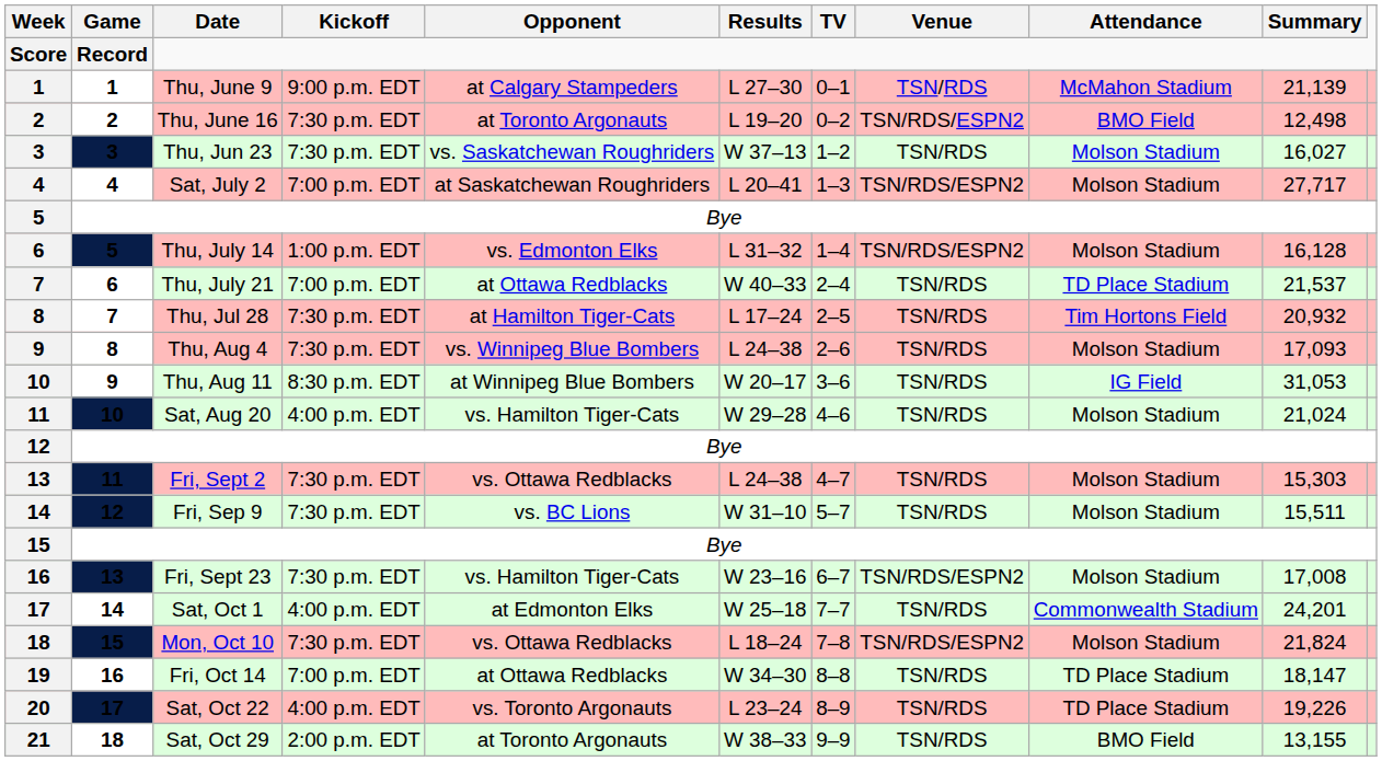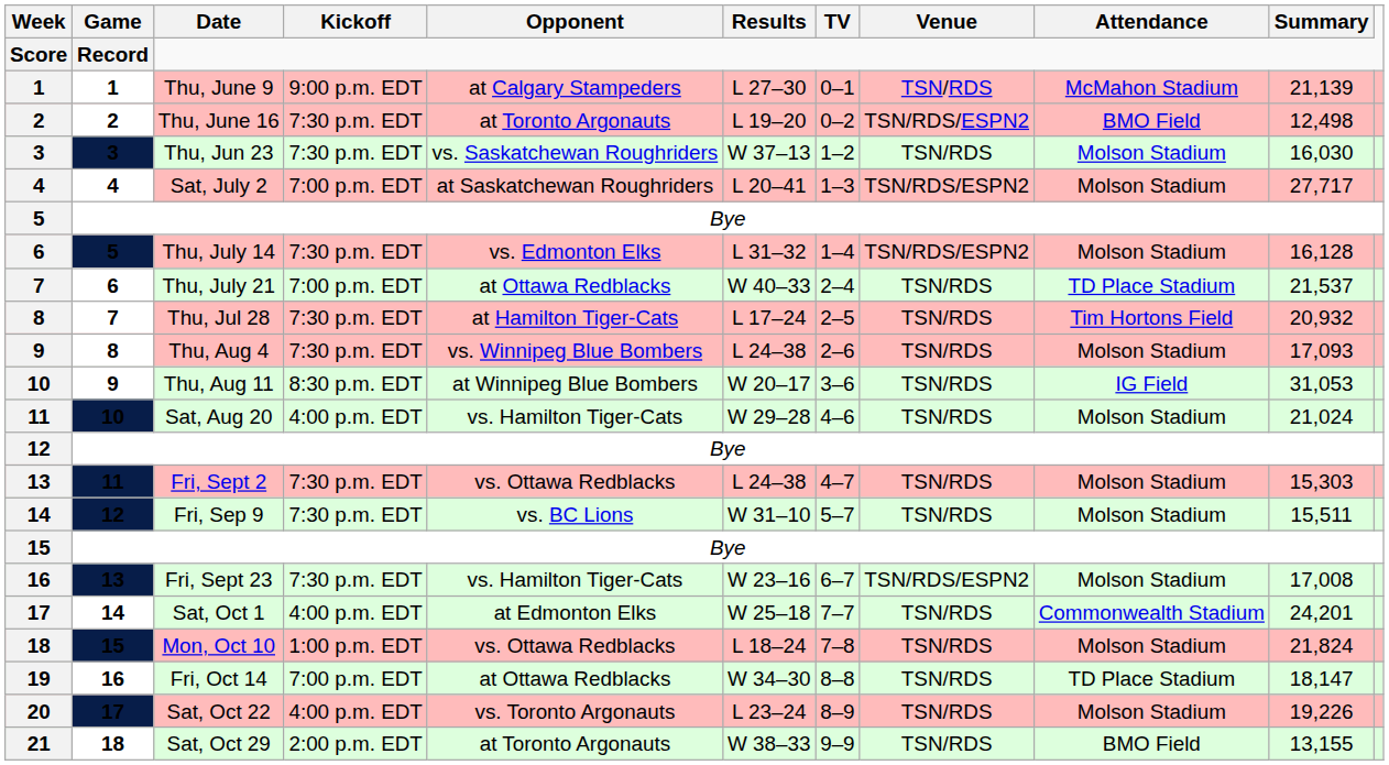 <table class="wikitable" style="font-size: 95%;">
 <tr>
 <th scope="col">Week</th>
 <th scope="col">Game</th>
 <th scope="col">Date</th>
 <th scope="col">Kickoff</th>
 <th scope="col">Opponent</th>
 <th scope="col">Results</th>
 <th scope="col">TV</th>
 <th scope="col">Venue</th>
 <th scope="col">Attendance</th>
 <th scope="col">Summary</th>
 </tr>
 <tr>
 <th scope="col">Score</th>
 <th scope="col">Record</th>
 </tr>
 <tr align="center"= bgcolor="ffbbbb">
 <th align="center"><strong>1</strong></th>
 <th style="text-align:center; background:white;"><span><strong>1</strong></span></th>
 <td align="center">Thu, June 9</td>
 <td align="center">9:00 p.m. EDT</td>
 <td align="center">at <a href='#'>Calgary Stampeders</a></td>
 <td align="center">L 27–30</td>
 <td align="center">0–1</td>
 <td align="center"><a href='#'>TSN</a>/<a href='#'>RDS</a></td>
 <td align="center"><a href='#'>McMahon Stadium</a></td>
 <td align="center">21,139</td>
 <td align="center"></td>
 </tr>
 <tr align="center"= bgcolor="ffbbbb">
 <th align="center"><strong>2</strong></th>
 <th style="text-align:center; background:white;"><span><strong>2</strong></span></th>
 <td align="center">Thu, June 16</td>
 <td align="center">7:30 p.m. EDT</td>
 <td align="center">at <a href='#'>Toronto Argonauts</a></td>
 <td align="center">L 19–20</td>
 <td align="center">0–2</td>
 <td align="center">TSN/RDS/<a href='#'>ESPN2</a></td>
 <td align="center"><a href='#'>BMO Field</a></td>
 <td align="center">12,498</td>
 <td align="center"></td>
 </tr>
 <tr align="center"= bgcolor="ddffdd">
 <th align="center"><strong>3</strong></th>
 <th style="text-align:center; background:#071D49;"><span><strong>3</strong></span></th>
 <td align="center">Thu, Jun 23</td>
 <td align="center">7:30 p.m. EDT</td>
 <td align="center">vs. <a href='#'>Saskatchewan Roughriders</a></td>
 <td align="center">W 37–13</td>
 <td align="center">1–2</td>
 <td align="center">TSN/RDS</td>
 <td align="center"><a href='#'>Molson Stadium</a></td>
-<td align="center">16,027</td>
+<td align="center">16,030</td>
 <td align="center"></td>
 </tr>
 <tr align="center"= bgcolor="ffbbbb">
 <th align="center"><strong>4</strong></th>
 <th style="text-align:center; background:white;"><span><strong>4</strong></span></th>
 <td align="center">Sat, July 2</td>
 <td align="center">7:00 p.m. EDT</td>
 <td align="center">at Saskatchewan Roughriders</td>
 <td align="center">L 20–41</td>
 <td align="center">1–3</td>
 <td align="center">TSN/RDS/ESPN2</td>
 <td align="center">Molson Stadium</td>
 <td align="center">27,717</td>
 <td align="center"></td>
 </tr>
 <tr align="center"= bgcolor="ffffff">
 <th align="center"><strong>5</strong></th>
 <td colspan=10 align="center" valign="middle"><em>Bye</em></td>
 </tr>
 <tr align="center"= bgcolor="ffbbbb">
 <th align="center"><strong>6</strong></th>
 <th style="text-align:center; background:#071D49;"><span><strong>5</strong></span></th>
 <td align="center">Thu, July 14</td>
-<td align="center">1:00 p.m. EDT</td>
+<td align="center">7:30 p.m. EDT</td>
 <td align="center">vs. <a href='#'>Edmonton Elks</a></td>
 <td align="center">L 31–32</td>
 <td align="center">1–4</td>
 <td align="center">TSN/RDS/ESPN2</td>
 <td align="center">Molson Stadium</td>
 <td align="center">16,128</td>
 <td align="center"></td>
 </tr>
 <tr align="center"= bgcolor="ddffdd">
 <th align="center"><strong>7</strong></th>
 <th style="text-align:center; background:white;"><span><strong>6</strong></span></th>
 <td align="center">Thu, July 21</td>
 <td align="center">7:00 p.m. EDT</td>
 <td align="center">at <a href='#'>Ottawa Redblacks</a></td>
 <td align="center">W 40–33</td>
 <td align="center">2–4</td>
 <td align="center">TSN/RDS</td>
 <td align="center"><a href='#'>TD Place Stadium</a></td>
 <td align="center">21,537</td>
 <td align="center"></td>
 </tr>
 <tr align="center"= bgcolor="ffbbbb">
 <th align="center"><strong>8</strong></th>
 <th style="text-align:center; background:white;"><span><strong>7</strong></span></th>
 <td align="center">Thu, Jul 28</td>
 <td align="center">7:30 p.m. EDT</td>
 <td align="center">at <a href='#'>Hamilton Tiger-Cats</a></td>
 <td align="center">L 17–24</td>
 <td align="center">2–5</td>
 <td align="center">TSN/RDS</td>
 <td align="center"><a href='#'>Tim Hortons Field</a></td>
 <td align="center">20,932</td>
 <td align="center"></td>
 </tr>
 <tr align="center"= bgcolor="ffbbbb">
 <th align="center"><strong>9</strong></th>
 <th style="text-align:center; background:white;"><span><strong>8</strong></span></th>
 <td align="center">Thu, Aug 4</td>
 <td align="center">7:30 p.m. EDT</td>
 <td align="center">vs. <a href='#'>Winnipeg Blue Bombers</a></td>
 <td align="center">L 24–38</td>
 <td align="center">2–6</td>
 <td align="center">TSN/RDS</td>
 <td align="center">Molson Stadium</td>
 <td align="center">17,093</td>
 <td align="center"></td>
 </tr>
 <tr align="center"= bgcolor="ddffdd">
 <th align="center"><strong>10</strong></th>
 <th style="text-align:center; background:white;"><span><strong>9</strong></span></th>
 <td align="center">Thu, Aug 11</td>
 <td align="center">8:30 p.m. EDT</td>
 <td align="center">at Winnipeg Blue Bombers</td>
 <td align="center">W 20–17 </td>
 <td align="center">3–6</td>
 <td align="center">TSN/RDS</td>
 <td align="center"><a href='#'>IG Field</a></td>
 <td align="center">31,053</td>
 <td align="center"></td>
 </tr>
 <tr align="center"= bgcolor="ddffdd">
 <th align="center"><strong>11</strong></th>
 <th style="text-align:center; background:#071D49;"><span><strong>10</strong></span></th>
 <td align="center">Sat, Aug 20</td>
 <td align="center">4:00 p.m. EDT</td>
 <td align="center">vs. Hamilton Tiger-Cats</td>
 <td align="center">W 29–28</td>
 <td align="center">4–6</td>
 <td align="center">TSN/RDS</td>
 <td align="center">Molson Stadium</td>
 <td align="center">21,024</td>
 <td align="center"></td>
 </tr>
 <tr align="center"= bgcolor="ffffff">
 <th align="center"><strong>12</strong></th>
 <td colspan=10 align="center" valign="middle"><em>Bye</em></td>
 </tr>
 <tr align="center"= bgcolor="ffbbbb">
 <th align="center"><strong>13</strong></th>
 <th style="text-align:center; background:#071D49;"><span><strong>11</strong></span></th>
 <td align="center"><a href='#'>Fri, Sept 2</a></td>
 <td align="center">7:30 p.m. EDT</td>
 <td align="center">vs. Ottawa Redblacks</td>
 <td align="center">L 24–38</td>
 <td align="center">4–7</td>
 <td align="center">TSN/RDS</td>
 <td align="center">Molson Stadium</td>
 <td align="center">15,303</td>
 <td align="center"></td>
 </tr>
 <tr align="center"= bgcolor="ddffdd">
 <th align="center"><strong>14</strong></th>
 <th style="text-align:center; background:#071D49;"><span><strong>12</strong></span></th>
 <td align="center">Fri, Sep 9</td>
 <td align="center">7:30 p.m. EDT</td>
 <td align="center">vs. <a href='#'>BC Lions</a></td>
 <td align="center">W 31–10</td>
 <td align="center">5–7</td>
 <td align="center">TSN/RDS</td>
 <td align="center">Molson Stadium</td>
 <td align="center">15,511</td>
 <td align="center"></td>
 </tr>
 <tr align="center"= bgcolor="ffffff">
 <th align="center"><strong>15</strong></th>
 <td colspan=10 align="center" valign="middle"><em>Bye</em></td>
 </tr>
 <tr align="center"= bgcolor="ddffdd">
 <th align="center"><strong>16</strong></th>
 <th style="text-align:center; background:#071D49;"><span><strong>13</strong></span></th>
 <td align="center">Fri, Sept 23</td>
 <td align="center">7:30 p.m. EDT</td>
 <td align="center">vs. Hamilton Tiger-Cats</td>
 <td align="center">W 23–16</td>
 <td align="center">6–7</td>
 <td align="center">TSN/RDS/ESPN2</td>
 <td align="center">Molson Stadium</td>
 <td align="center">17,008</td>
 <td align="center"></td>
 </tr>
 <tr align="center"= bgcolor="ddffdd">
 <th align="center"><strong>17</strong></th>
 <th style="text-align:center; background:white;"><span><strong>14</strong></span></th>
 <td align="center">Sat, Oct 1</td>
 <td align="center">4:00 p.m. EDT</td>
 <td align="center">at Edmonton Elks</td>
 <td align="center">W 25–18</td>
 <td align="center">7–7</td>
 <td align="center">TSN/RDS</td>
 <td align="center"><a href='#'>Commonwealth Stadium</a></td>
 <td align="center">24,201</td>
 <td align="center"></td>
 </tr>
 <tr align="center"= bgcolor="ffbbbb">
 <th align="center"><strong>18</strong></th>
 <th style="text-align:center; background:#071D49;"><span><strong>15</strong></span></th>
 <td align="center"><a href='#'>Mon, Oct 10</a></td>
-<td align="center">7:30 p.m. EDT</td>
+<td align="center">1:00 p.m. EDT</td>
 <td align="center">vs. Ottawa Redblacks</td>
 <td align="center">L 18–24</td>
 <td align="center">7–8</td>
-<td align="center">TSN/RDS/ESPN2</td>
+<td align="center">TSN/RDS</td>
 <td align="center">Molson Stadium</td>
 <td align="center">21,824</td>
 <td align="center"></td>
 </tr>
 <tr align="center"= bgcolor="ddffdd">
 <th align="center"><strong>19</strong></th>
 <th style="text-align:center; background:white;"><span><strong>16</strong></span></th>
 <td align="center">Fri, Oct 14</td>
 <td align="center">7:00 p.m. EDT</td>
 <td align="center">at Ottawa Redblacks</td>
 <td align="center">W 34–30</td>
 <td align="center">8–8</td>
 <td align="center">TSN/RDS</td>
 <td align="center">TD Place Stadium</td>
 <td align="center">18,147</td>
 <td align="center"></td>
 </tr>
 <tr align="center"= bgcolor="ffbbbb">
 <th align="center"><strong>20</strong></th>
 <th style="text-align:center; background:#071D49;"><span><strong>17</strong></span></th>
 <td align="center">Sat, Oct 22</td>
 <td align="center">4:00 p.m. EDT</td>
 <td align="center">vs. Toronto Argonauts</td>
 <td align="center">L 23–24</td>
 <td align="center">8–9</td>
 <td align="center">TSN/RDS</td>
-<td align="center">TD Place Stadium</td>
+<td align="center">Molson Stadium</td>
 <td align="center">19,226</td>
 <td align="center"></td>
 </tr>
 <tr align="center"= bgcolor="ddffdd">
 <th align="center"><strong>21</strong></th>
 <th style="text-align:center; background:white;"><span><strong>18</strong></span></th>
 <td align="center">Sat, Oct 29</td>
 <td align="center">2:00 p.m. EDT</td>
 <td align="center">at Toronto Argonauts</td>
 <td align="center">W 38–33</td>
 <td align="center">9–9</td>
 <td align="center">TSN/RDS</td>
 <td align="center">BMO Field</td>
 <td align="center">13,155</td>
 <td align="center"></td>
 </tr>
 </table>
